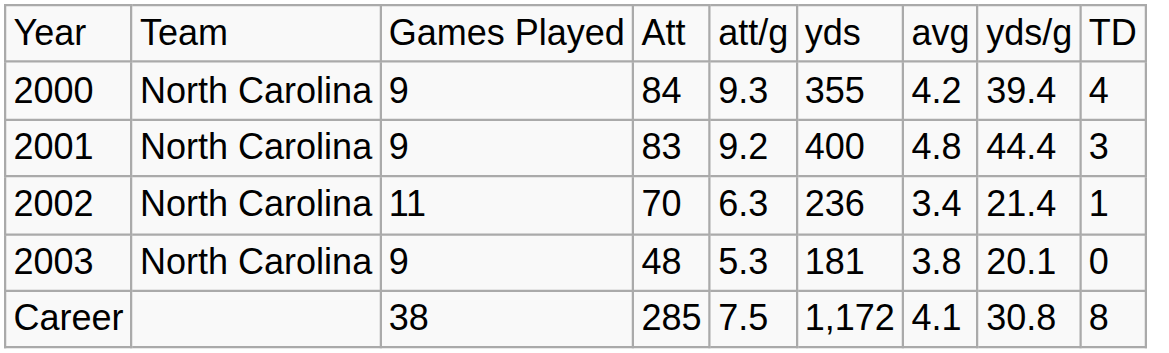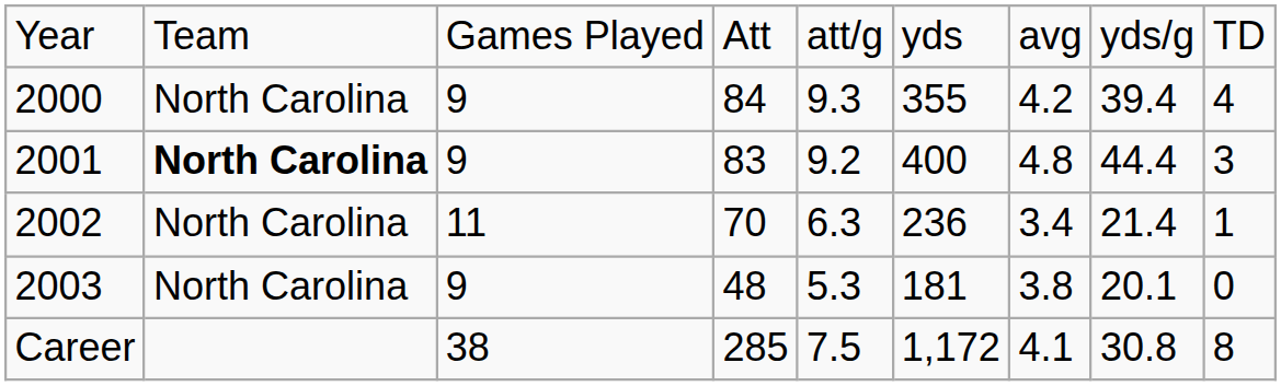 <table class="wikitable">
 <tr>
 <td>Year</td>
 <td>Team</td>
 <td>Games Played</td>
 <td>Att</td>
 <td>att/g</td>
 <td>yds</td>
 <td>avg</td>
 <td>yds/g</td>
 <td>TD</td>
 </tr>
 <tr>
 <td>2000</td>
 <td>North Carolina</td>
 <td>9</td>
 <td>84</td>
 <td>9.3</td>
 <td>355</td>
 <td>4.2</td>
 <td>39.4</td>
 <td>4</td>
 </tr>
 <tr>
 <td>2001</td>
-<td>North Carolina</td>
+<td><strong>North Carolina</strong></td>
 <td>9</td>
 <td>83</td>
 <td>9.2</td>
 <td>400</td>
 <td>4.8</td>
 <td>44.4</td>
 <td>3</td>
 </tr>
 <tr>
 <td>2002</td>
 <td>North Carolina</td>
 <td>11</td>
 <td>70</td>
 <td>6.3</td>
 <td>236</td>
 <td>3.4</td>
 <td>21.4</td>
 <td>1</td>
 </tr>
 <tr>
 <td>2003</td>
 <td>North Carolina</td>
 <td>9</td>
 <td>48</td>
 <td>5.3</td>
 <td>181</td>
 <td>3.8</td>
 <td>20.1</td>
 <td>0</td>
 </tr>
 <tr>
 <td>Career</td>
 <td></td>
 <td>38</td>
 <td>285</td>
 <td>7.5</td>
 <td>1,172</td>
 <td>4.1</td>
 <td>30.8</td>
 <td>8</td>
 </tr>
 </table>
